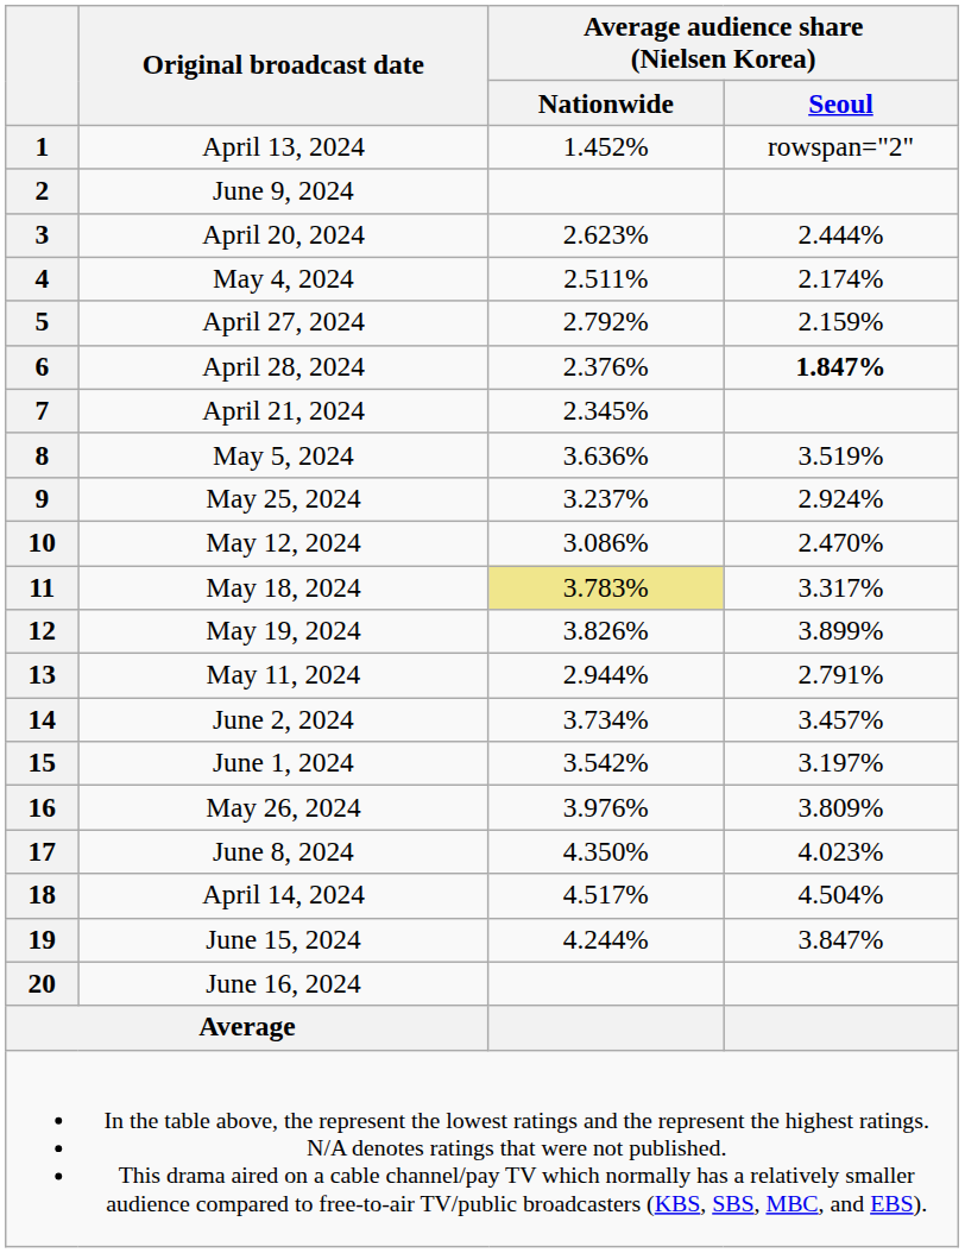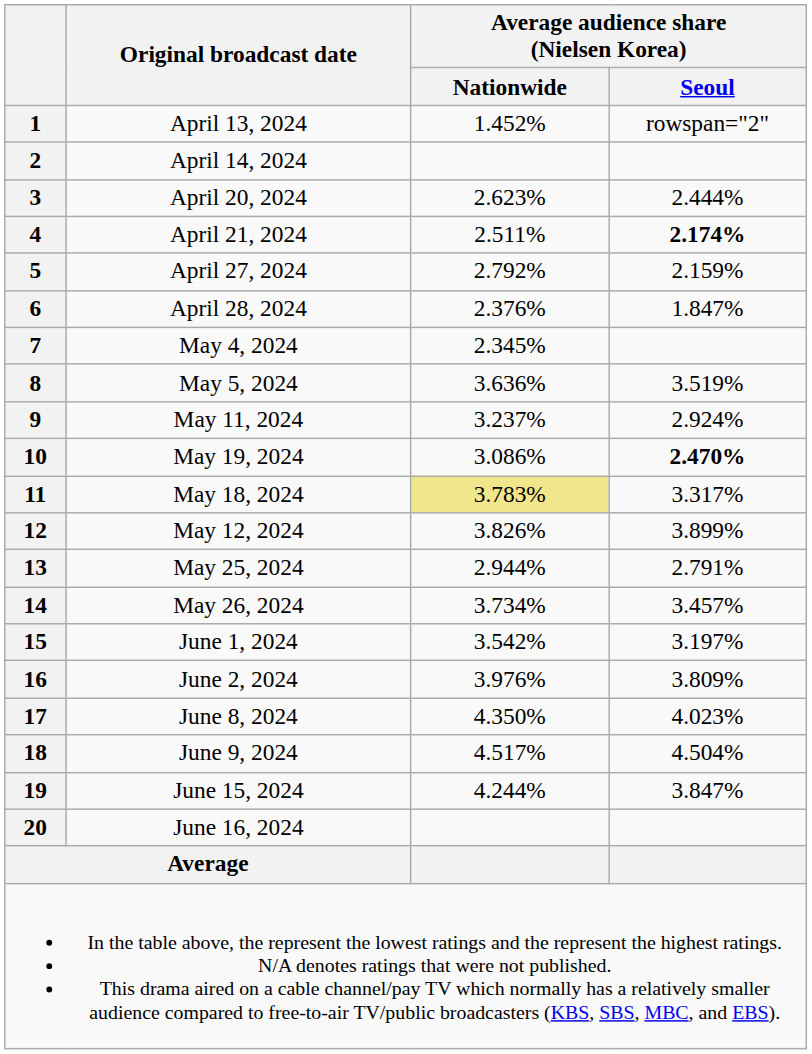 <table class="wikitable" style="margin-left:auto; margin-right:auto; width:550px; text-align:center">
 <tr>
 <th scope="col" rowspan="2"></th>
 <th scope="col" rowspan="2">Original broadcast date</th>
 <th scope="col" colspan="2">Average audience share<br>(Nielsen Korea)</th>
 </tr>
 <tr>
 <th scope="col" style="width:8em">Nationwide</th>
 <th scope="col" style="width:8em"><a href='#'>Seoul</a></th>
 </tr>
 <tr>
 <th scope="row">1</th>
 <td>April 13, 2024</td>
 <td>1.452% </td>
 <td>rowspan="2" </td>
 </tr>
 <tr>
 <th scope="row">2</th>
-<td>June 9, 2024</td>
+<td>April 14, 2024</td>
 <td><strong></strong> </td>
 </tr>
 <tr>
 <th scope="row">3</th>
 <td>April 20, 2024</td>
 <td>2.623% </td>
 <td>2.444% </td>
 </tr>
 <tr>
 <th scope="row">4</th>
-<td>May 4, 2024</td>
+<td>April 21, 2024</td>
 <td>2.511% </td>
-<td>2.174% </td>
+<td><strong>2.174% </strong></td>
 </tr>
 <tr>
 <th scope="row">5</th>
 <td>April 27, 2024</td>
 <td>2.792% </td>
 <td>2.159% </td>
 </tr>
 <tr>
 <th scope="row">6</th>
 <td>April 28, 2024</td>
 <td>2.376% </td>
-<td><strong>1.847% </strong></td>
+<td>1.847% </td>
 </tr>
 <tr>
 <th scope="row">7</th>
-<td>April 21, 2024</td>
+<td>May 4, 2024</td>
 <td>2.345% </td>
 <td><strong></strong> </td>
 </tr>
 <tr>
 <th scope="row">8</th>
 <td>May 5, 2024</td>
 <td>3.636% </td>
 <td>3.519% </td>
 </tr>
 <tr>
 <th scope="row">9</th>
-<td>May 25, 2024</td>
+<td>May 11, 2024</td>
 <td>3.237% </td>
 <td>2.924% </td>
 </tr>
 <tr>
 <th scope="row">10</th>
-<td>May 12, 2024</td>
+<td>May 19, 2024</td>
 <td>3.086% </td>
-<td>2.470% </td>
+<td><strong>2.470% </strong></td>
 </tr>
 <tr>
 <th scope="row">11</th>
 <td>May 18, 2024</td>
 <td style="background: khaki;">3.783% </td>
 <td>3.317% </td>
 </tr>
 <tr>
 <th scope="row">12</th>
-<td>May 19, 2024</td>
+<td>May 12, 2024</td>
 <td>3.826% </td>
 <td>3.899% </td>
 </tr>
 <tr>
 <th scope="row">13</th>
-<td>May 11, 2024</td>
+<td>May 25, 2024</td>
 <td>2.944% </td>
 <td>2.791% </td>
 </tr>
 <tr>
 <th scope="row">14</th>
-<td>June 2, 2024</td>
+<td>May 26, 2024</td>
 <td>3.734% </td>
 <td>3.457% </td>
 </tr>
 <tr>
 <th scope="row">15</th>
 <td>June 1, 2024</td>
 <td>3.542% </td>
 <td>3.197% </td>
 </tr>
 <tr>
 <th scope="row">16</th>
-<td>May 26, 2024</td>
+<td>June 2, 2024</td>
 <td>3.976% </td>
 <td>3.809% </td>
 </tr>
 <tr>
 <th scope="row">17</th>
 <td>June 8, 2024</td>
 <td>4.350% </td>
 <td>4.023% </td>
 </tr>
 <tr>
 <th scope="row">18</th>
-<td>April 14, 2024</td>
+<td>June 9, 2024</td>
 <td>4.517% </td>
 <td>4.504% </td>
 </tr>
 <tr>
 <th scope="row">19</th>
 <td>June 15, 2024</td>
 <td>4.244% </td>
 <td>3.847% </td>
 </tr>
 <tr>
 <th scope="row">20</th>
 <td>June 16, 2024</td>
 <td><strong></strong> </td>
 <td><strong></strong> </td>
 </tr>
 <tr>
 <th scope="col" colspan="2">Average</th>
 <th scope="col"></th>
 <th scope="col"></th>
 </tr>
 <tr>
 <td colspan="4" style="font-size:85%"><br><ul><li>In the table above, the <strong></strong> represent the lowest ratings and the <strong></strong> represent the highest ratings.</li><li>N/A denotes ratings that were not published.</li><li>This drama aired on a cable channel/pay TV which normally has a relatively smaller audience compared to free-to-air TV/public broadcasters (<a href='#'>KBS</a>, <a href='#'>SBS</a>, <a href='#'>MBC</a>, and <a href='#'>EBS</a>).</li></ul></td>
 </tr>
 </table>
